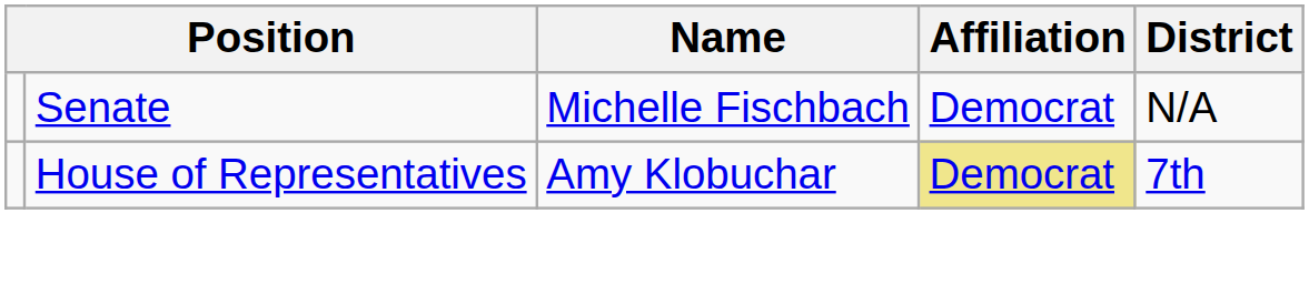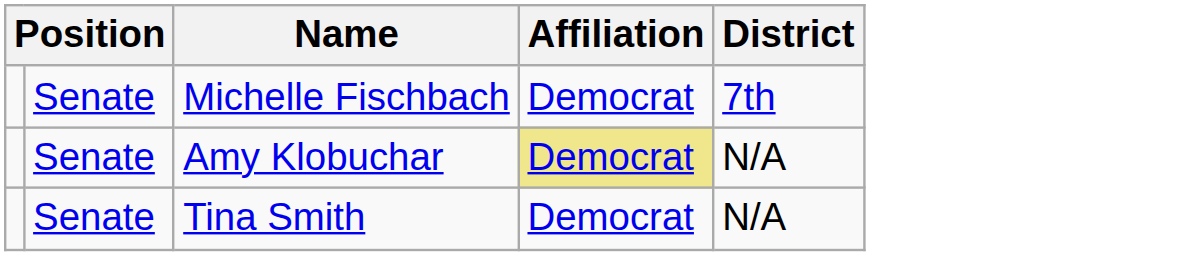 <table class="wikitable">
 <tr>
 <th colspan="2">Position</th>
 <th>Name</th>
 <th>Affiliation</th>
 <th>District</th>
 </tr>
 <tr>
 <td style="background-color:"></td>
 <td><a href='#'>Senate</a></td>
 <td><a href='#'>Michelle Fischbach</a></td>
 <td><a href='#'>Democrat</a></td>
+<td><a href='#'>7th</a></td>
+</tr>
+<tr>
+<td style="background-color:"></td>
+<td><a href='#'>Senate</a></td>
+<td><a href='#'>Amy Klobuchar</a></td>
+<td style="background: khaki;"><a href='#'>Democrat</a></td>
 <td>N/A</td>
 </tr>
 <tr>
 <td style="background-color:"></td>
-<td><a href='#'>House of Representatives</a></td>
-<td><a href='#'>Amy Klobuchar</a></td>
-<td style="background: khaki;"><a href='#'>Democrat</a></td>
-<td><a href='#'>7th</a></td>
+<td><a href='#'>Senate</a></td>
+<td><a href='#'>Tina Smith</a></td>
+<td><a href='#'>Democrat</a></td>
+<td>N/A</td>
 </tr>
 </table>
